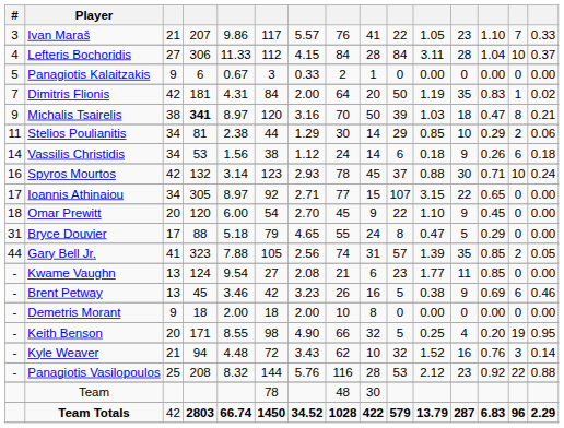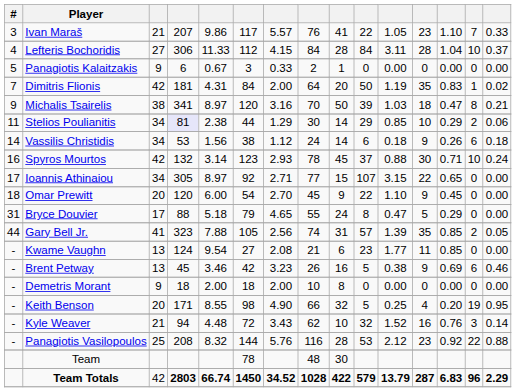 <table class="wikitable sortable" style="font-size:90%; text-align:center;">
 <tr>
 <th>#</th>
 <th>Player</th>
 <th></th>
 <th></th>
 <th></th>
 <th></th>
 <th></th>
 <th></th>
 <th></th>
 <th></th>
 <th></th>
 <th></th>
 <th></th>
 <th></th>
 <th></th>
 </tr>
 <tr>
 <td>3</td>
 <td align="left"> <a href='#'>Ivan Maraš</a></td>
 <td>21</td>
 <td>207</td>
 <td>9.86</td>
 <td>117</td>
 <td>5.57</td>
 <td>76</td>
 <td>41</td>
 <td>22</td>
 <td>1.05</td>
 <td>23</td>
 <td>1.10</td>
 <td>7</td>
 <td>0.33</td>
 </tr>
 <tr>
 </tr>
 <tr>
 <td>4</td>
 <td align="left"> <a href='#'>Lefteris Bochoridis</a></td>
 <td>27</td>
 <td>306</td>
 <td>11.33</td>
 <td>112</td>
 <td>4.15</td>
 <td>84</td>
 <td>28</td>
 <td>84</td>
 <td>3.11</td>
 <td>28</td>
 <td>1.04</td>
 <td>10</td>
 <td>0.37</td>
 </tr>
 <tr>
 </tr>
 <tr>
 <td>5</td>
 <td align="left"> <a href='#'>Panagiotis Kalaitzakis</a></td>
 <td>9</td>
 <td>6</td>
 <td>0.67</td>
 <td>3</td>
 <td>0.33</td>
 <td>2</td>
 <td>1</td>
 <td>0</td>
 <td>0.00</td>
 <td>0</td>
 <td>0.00</td>
 <td>0</td>
 <td>0.00</td>
 </tr>
 <tr>
 </tr>
 <tr>
 <td>7</td>
 <td align="left"> <a href='#'>Dimitris Flionis</a></td>
 <td>42</td>
 <td>181</td>
 <td>4.31</td>
 <td>84</td>
 <td>2.00</td>
 <td>64</td>
 <td>20</td>
 <td>50</td>
 <td>1.19</td>
 <td>35</td>
 <td>0.83</td>
 <td>1</td>
 <td>0.02</td>
 </tr>
 <tr>
 </tr>
 <tr>
 <td>9</td>
 <td align="left"> <a href='#'>Michalis Tsairelis</a></td>
 <td>38</td>
-<td><strong>341</strong></td>
+<td>341</td>
 <td>8.97</td>
 <td>120</td>
 <td>3.16</td>
 <td>70</td>
 <td>50</td>
 <td>39</td>
 <td>1.03</td>
 <td>18</td>
 <td>0.47</td>
 <td>8</td>
 <td>0.21</td>
 </tr>
 <tr>
 </tr>
 <tr>
 <td>11</td>
 <td align="left"> <a href='#'>Stelios Poulianitis</a></td>
 <td>34</td>
-<td>81</td>
+<td style="background: lavender;">81</td>
 <td>2.38</td>
 <td>44</td>
 <td>1.29</td>
 <td>30</td>
 <td>14</td>
 <td>29</td>
 <td>0.85</td>
 <td>10</td>
 <td>0.29</td>
 <td>2</td>
 <td>0.06</td>
 </tr>
 <tr>
 </tr>
 <tr>
 <td>14</td>
 <td align="left"> <a href='#'>Vassilis Christidis</a></td>
 <td>34</td>
 <td>53</td>
 <td>1.56</td>
 <td>38</td>
 <td>1.12</td>
 <td>24</td>
 <td>14</td>
 <td>6</td>
 <td>0.18</td>
 <td>9</td>
 <td>0.26</td>
 <td>6</td>
 <td>0.18</td>
 </tr>
 <tr>
 </tr>
 <tr>
 <td>16</td>
 <td align="left"> <a href='#'>Spyros Mourtos</a></td>
 <td>42</td>
 <td>132</td>
 <td>3.14</td>
 <td>123</td>
 <td>2.93</td>
 <td>78</td>
 <td>45</td>
 <td>37</td>
 <td>0.88</td>
 <td>30</td>
 <td>0.71</td>
 <td>10</td>
 <td>0.24</td>
 </tr>
 <tr>
 </tr>
 <tr>
 <td>17</td>
 <td align="left"> <a href='#'>Ioannis Athinaiou</a></td>
 <td>34</td>
 <td>305</td>
 <td>8.97</td>
 <td>92</td>
 <td>2.71</td>
 <td>77</td>
 <td>15</td>
 <td>107</td>
 <td>3.15</td>
 <td>22</td>
 <td>0.65</td>
 <td>0</td>
 <td>0.00</td>
 </tr>
 <tr>
 </tr>
 <tr>
 <td>18</td>
 <td align="left"> <a href='#'>Omar Prewitt</a></td>
 <td>20</td>
 <td>120</td>
 <td>6.00</td>
 <td>54</td>
 <td>2.70</td>
 <td>45</td>
 <td>9</td>
 <td>22</td>
 <td>1.10</td>
 <td>9</td>
 <td>0.45</td>
 <td>0</td>
 <td>0.00</td>
 </tr>
 <tr>
 </tr>
 <tr>
 <td>31</td>
 <td align="left"> <a href='#'>Bryce Douvier</a></td>
 <td>17</td>
 <td>88</td>
 <td>5.18</td>
 <td>79</td>
 <td>4.65</td>
 <td>55</td>
 <td>24</td>
 <td>8</td>
 <td>0.47</td>
 <td>5</td>
 <td>0.29</td>
 <td>0</td>
 <td>0.00</td>
 </tr>
 <tr>
 </tr>
 <tr>
 <td>44</td>
 <td align="left"> <a href='#'>Gary Bell Jr.</a></td>
 <td>41</td>
 <td>323</td>
 <td>7.88</td>
 <td>105</td>
 <td>2.56</td>
 <td>74</td>
 <td>31</td>
 <td>57</td>
 <td>1.39</td>
 <td>35</td>
 <td>0.85</td>
 <td>2</td>
 <td>0.05</td>
 </tr>
 <tr>
 </tr>
 <tr>
 <td>-</td>
 <td align="left"> <a href='#'>Kwame Vaughn</a></td>
 <td>13</td>
 <td>124</td>
 <td>9.54</td>
 <td>27</td>
 <td>2.08</td>
 <td>21</td>
 <td>6</td>
 <td>23</td>
 <td>1.77</td>
 <td>11</td>
 <td>0.85</td>
 <td>0</td>
 <td>0.00</td>
 </tr>
 <tr>
 </tr>
 <tr>
 <td>-</td>
 <td align="left"> <a href='#'>Brent Petway</a></td>
 <td>13</td>
 <td>45</td>
 <td>3.46</td>
 <td>42</td>
 <td>3.23</td>
 <td>26</td>
 <td>16</td>
 <td>5</td>
 <td>0.38</td>
 <td>9</td>
 <td>0.69</td>
 <td>6</td>
 <td>0.46</td>
 </tr>
 <tr>
 </tr>
 <tr>
 <td>-</td>
 <td align="left"> <a href='#'>Demetris Morant</a></td>
 <td>9</td>
 <td>18</td>
 <td>2.00</td>
 <td>18</td>
 <td>2.00</td>
 <td>10</td>
 <td>8</td>
 <td>0</td>
 <td>0.00</td>
 <td>0</td>
 <td>0.00</td>
 <td>0</td>
 <td>0.00</td>
 </tr>
 <tr>
 </tr>
 <tr>
 <td>-</td>
 <td align="left"> <a href='#'>Keith Benson</a></td>
 <td>20</td>
 <td>171</td>
 <td>8.55</td>
 <td>98</td>
 <td>4.90</td>
 <td>66</td>
 <td>32</td>
 <td>5</td>
 <td>0.25</td>
 <td>4</td>
 <td>0.20</td>
 <td>19</td>
 <td>0.95</td>
 </tr>
 <tr>
 </tr>
 <tr>
 <td>-</td>
 <td align="left"> <a href='#'>Kyle Weaver</a></td>
 <td>21</td>
 <td>94</td>
 <td>4.48</td>
 <td>72</td>
 <td>3.43</td>
 <td>62</td>
 <td>10</td>
 <td>32</td>
 <td>1.52</td>
 <td>16</td>
 <td>0.76</td>
 <td>3</td>
 <td>0.14</td>
 </tr>
 <tr>
 </tr>
 <tr>
 <td>-</td>
 <td align="left"> <a href='#'>Panagiotis Vasilopoulos</a></td>
 <td>25</td>
 <td>208</td>
 <td>8.32</td>
 <td>144</td>
 <td>5.76</td>
 <td>116</td>
 <td>28</td>
 <td>53</td>
 <td>2.12</td>
 <td>23</td>
 <td>0.92</td>
 <td>22</td>
 <td>0.88</td>
 </tr>
 <tr>
 </tr>
 <tr>
 <td></td>
 <td>Team</td>
 <td></td>
 <td></td>
 <td></td>
 <td>78</td>
 <td></td>
 <td>48</td>
 <td>30</td>
 <td></td>
 <td></td>
 <td></td>
 <td></td>
 <td></td>
 <td></td>
 </tr>
 <tr>
 </tr>
 <tr>
 <td></td>
 <td><strong>Team Totals</strong></td>
 <td>42</td>
 <td><strong>2803</strong></td>
 <td><strong>66.74</strong></td>
 <td><strong>1450</strong></td>
 <td><strong>34.52</strong></td>
 <td><strong>1028</strong></td>
 <td><strong>422</strong></td>
 <td><strong>579</strong></td>
 <td><strong>13.79</strong></td>
 <td><strong>287</strong></td>
 <td><strong>6.83</strong></td>
 <td><strong>96</strong></td>
 <td><strong>2.29</strong></td>
 </tr>
 <tr>
 </tr>
 </table>
